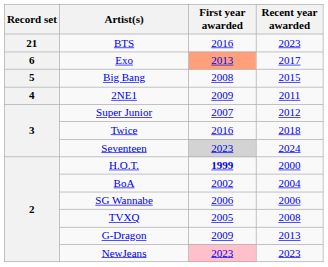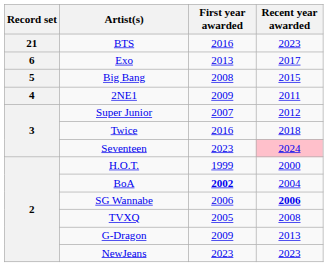 <table class="wikitable plainrowheaders" style="text-align:center;">
 <tr>
 <th scope="col">Record set</th>
 <th scope="col" width="180">Artist(s)</th>
 <th scope="col" width="90">First year <br> awarded</th>
 <th scope="col" width="90">Recent year <br> awarded</th>
 </tr>
 <tr>
 <th scope="row" style="text-align:center">21</th>
 <td><a href='#'>BTS</a></td>
 <td><a href='#'>2016</a></td>
 <td><a href='#'>2023</a></td>
 </tr>
 <tr>
 <th scope="row" style="text-align:center">6</th>
 <td><a href='#'>Exo</a></td>
-<td style="background: lightsalmon;"><a href='#'>2013</a></td>
+<td><a href='#'>2013</a></td>
 <td><a href='#'>2017</a></td>
 </tr>
 <tr>
 <th scope="row" style="text-align:center">5</th>
 <td><a href='#'>Big Bang</a></td>
 <td><a href='#'>2008</a></td>
 <td><a href='#'>2015</a></td>
 </tr>
 <tr>
 <th scope="row" style="text-align:center">4</th>
 <td><a href='#'>2NE1</a></td>
 <td><a href='#'>2009</a></td>
 <td><a href='#'>2011</a></td>
 </tr>
 <tr>
 <th scope="row" style="text-align:center" rowspan="3">3</th>
 <td><a href='#'>Super Junior</a></td>
 <td><a href='#'>2007</a></td>
 <td><a href='#'>2012</a></td>
 </tr>
 <tr>
 <td><a href='#'>Twice</a></td>
 <td><a href='#'>2016</a></td>
 <td><a href='#'>2018</a></td>
 </tr>
 <tr>
 <td><a href='#'>Seventeen</a></td>
-<td style="background: lightgrey;"><a href='#'>2023</a></td>
-<td><a href='#'>2024</a></td>
+<td><a href='#'>2023</a></td>
+<td style="background: pink;"><a href='#'>2024</a></td>
 </tr>
 <tr>
 <th scope="row" style="text-align:center" rowspan="6">2</th>
 <td><a href='#'>H.O.T.</a></td>
-<td><strong><a href='#'>1999</a></strong></td>
+<td><a href='#'>1999</a></td>
 <td><a href='#'>2000</a></td>
 </tr>
 <tr>
 <td><a href='#'>BoA</a></td>
-<td><a href='#'>2002</a></td>
+<td><strong><a href='#'>2002</a></strong></td>
 <td><a href='#'>2004</a></td>
 </tr>
 <tr>
 <td><a href='#'>SG Wannabe</a></td>
 <td><a href='#'>2006</a></td>
-<td><a href='#'>2006</a></td>
+<td><strong><a href='#'>2006</a></strong></td>
 </tr>
 <tr>
 <td><a href='#'>TVXQ</a></td>
 <td><a href='#'>2005</a></td>
 <td><a href='#'>2008</a></td>
 </tr>
 <tr>
 <td><a href='#'>G-Dragon</a></td>
 <td><a href='#'>2009</a></td>
 <td><a href='#'>2013</a></td>
 </tr>
 <tr>
 <td><a href='#'>NewJeans</a></td>
-<td style="background: pink;"><a href='#'>2023</a></td>
+<td><a href='#'>2023</a></td>
 <td><a href='#'>2023</a></td>
 </tr>
 </table>
